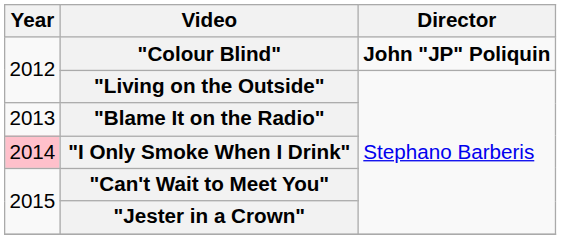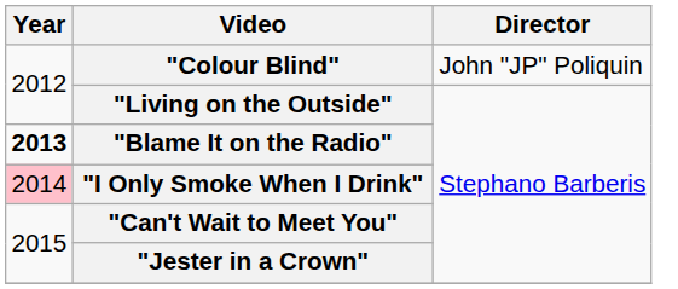 <table class="wikitable plainrowheaders">
 <tr>
 <th>Year</th>
 <th style="width:14em;">Video</th>
 <th>Director</th>
 </tr>
 <tr>
 <td rowspan="2">2012</td>
 <th scope="row">"Colour Blind"</th>
-<td><strong>John "JP" Poliquin</strong></td>
+<td>John "JP" Poliquin</td>
 </tr>
 <tr>
 <th scope="row">"Living on the Outside"</th>
 <td rowspan="5"><a href='#'>Stephano Barberis</a></td>
 </tr>
 <tr>
-<td>2013</td>
+<td><strong>2013</strong></td>
 <th scope="row">"Blame It on the Radio"</th>
 </tr>
 <tr>
 <td style="background: pink;">2014</td>
 <th scope="row">"I Only Smoke When I Drink"</th>
 </tr>
 <tr>
 <td rowspan="2">2015</td>
 <th scope="row">"Can't Wait to Meet You"</th>
 </tr>
 <tr>
 <th scope="row">"Jester in a Crown"</th>
 </tr>
 <tr>
 </tr>
 </table>
